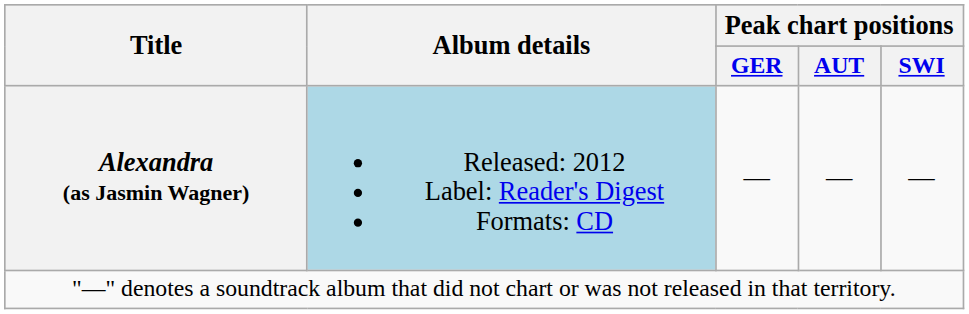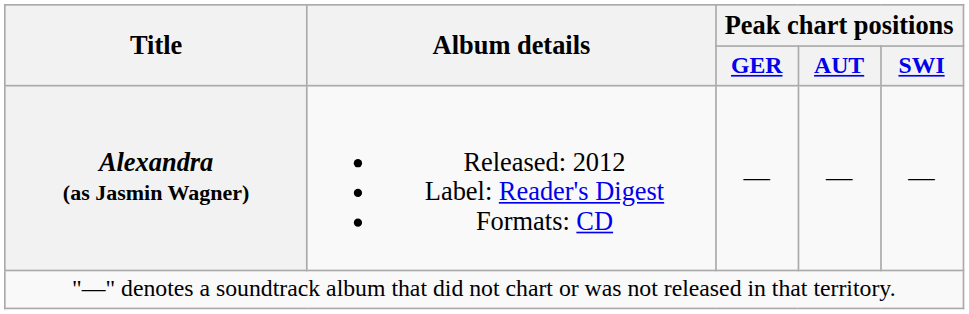 <table class="wikitable plainrowheaders" style="text-align:center;">
 <tr>
 <th scope="col" rowspan="2" style="width:11em;">Title</th>
 <th scope="col" rowspan="2" style="width:15em;">Album details</th>
 <th scope="col" colspan="3">Peak chart positions</th>
 </tr>
 <tr>
 <th style="width:3em;font-size:90%"><a href='#'>GER</a><br></th>
 <th style="width:3em;font-size:90%"><a href='#'>AUT</a><br></th>
 <th style="width:3em;font-size:90%"><a href='#'>SWI</a><br></th>
 </tr>
 <tr>
 <th scope="row"><em>Alexandra<br></em><small>(as Jasmin Wagner)</small></th>
-<td style="background: lightblue;"><br><ul><li>Released: 2012 </li><li>Label: <a href='#'>Reader's Digest</a></li><li>Formats: <a href='#'>CD</a></li></ul></td>
+<td><br><ul><li>Released: 2012 </li><li>Label: <a href='#'>Reader's Digest</a></li><li>Formats: <a href='#'>CD</a></li></ul></td>
 <td>—</td>
 <td>—</td>
 <td>—</td>
 </tr>
 <tr>
 <td colspan="15" style="font-size:90%">"—" denotes a soundtrack album that did not chart or was not released in that territory.</td>
 </tr>
 </table>
